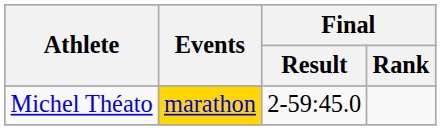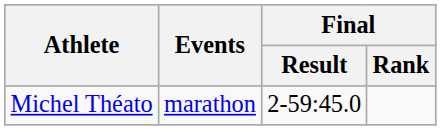 <table class=wikitable style="font-size:90%">
 <tr>
 <th rowspan="2">Athlete</th>
 <th rowspan="2">Events</th>
 <th colspan="2">Final</th>
 </tr>
 <tr>
 <th>Result</th>
 <th>Rank</th>
 </tr>
 <tr>
 <td><a href='#'>Michel Théato</a></td>
-<td style="background: gold;"><a href='#'>marathon</a></td>
+<td><a href='#'>marathon</a></td>
 <td align="center">2-59:45.0</td>
 <td align="center"></td>
 </tr>
 </table>
